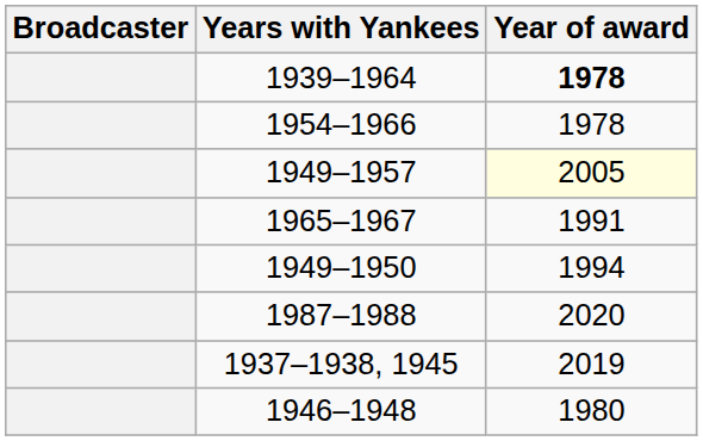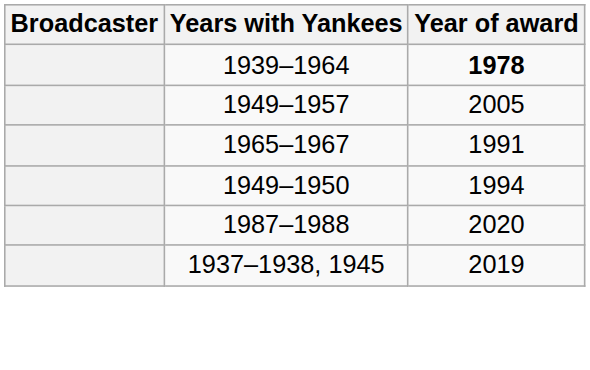 <table class="wikitable sortable" style="text-align:center; width=60%">
 <tr>
 <th scope="col">Broadcaster</th>
 <th scope="col">Years with Yankees</th>
 <th scope="col">Year of award</th>
 </tr>
 <tr>
 <th scope="row"></th>
 <td>1939–1964</td>
 <td><strong>1978</strong></td>
 </tr>
 <tr>
 <th scope="row"></th>
-<td>1954–1966</td>
-<td>1978</td>
-</tr>
-<tr>
-<th scope="row"></th>
 <td>1949–1957</td>
-<td style="background: lightyellow;">2005</td>
+<td>2005</td>
 </tr>
 <tr>
 <th scope="row"></th>
 <td>1965–1967</td>
 <td>1991</td>
 </tr>
 <tr>
 <th scope="row"></th>
 <td>1949–1950</td>
 <td>1994</td>
 </tr>
 <tr>
 <th scope="row"></th>
 <td>1987–1988</td>
 <td>2020</td>
 </tr>
 <tr>
 <th scope="row"></th>
 <td>1937–1938, 1945</td>
 <td>2019</td>
 </tr>
-<tr>
-<th scope="row"></th>
-<td>1946–1948</td>
-<td>1980</td>
-</tr>
 </table>
